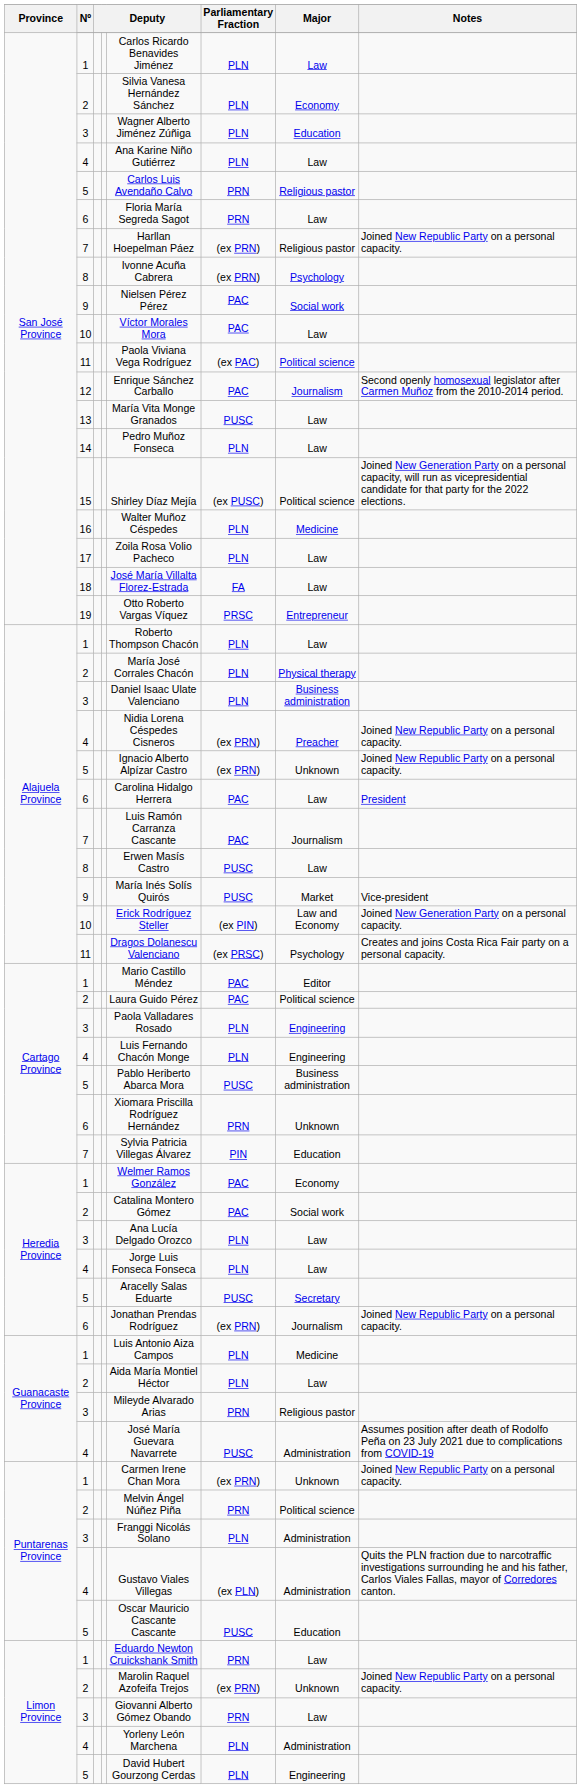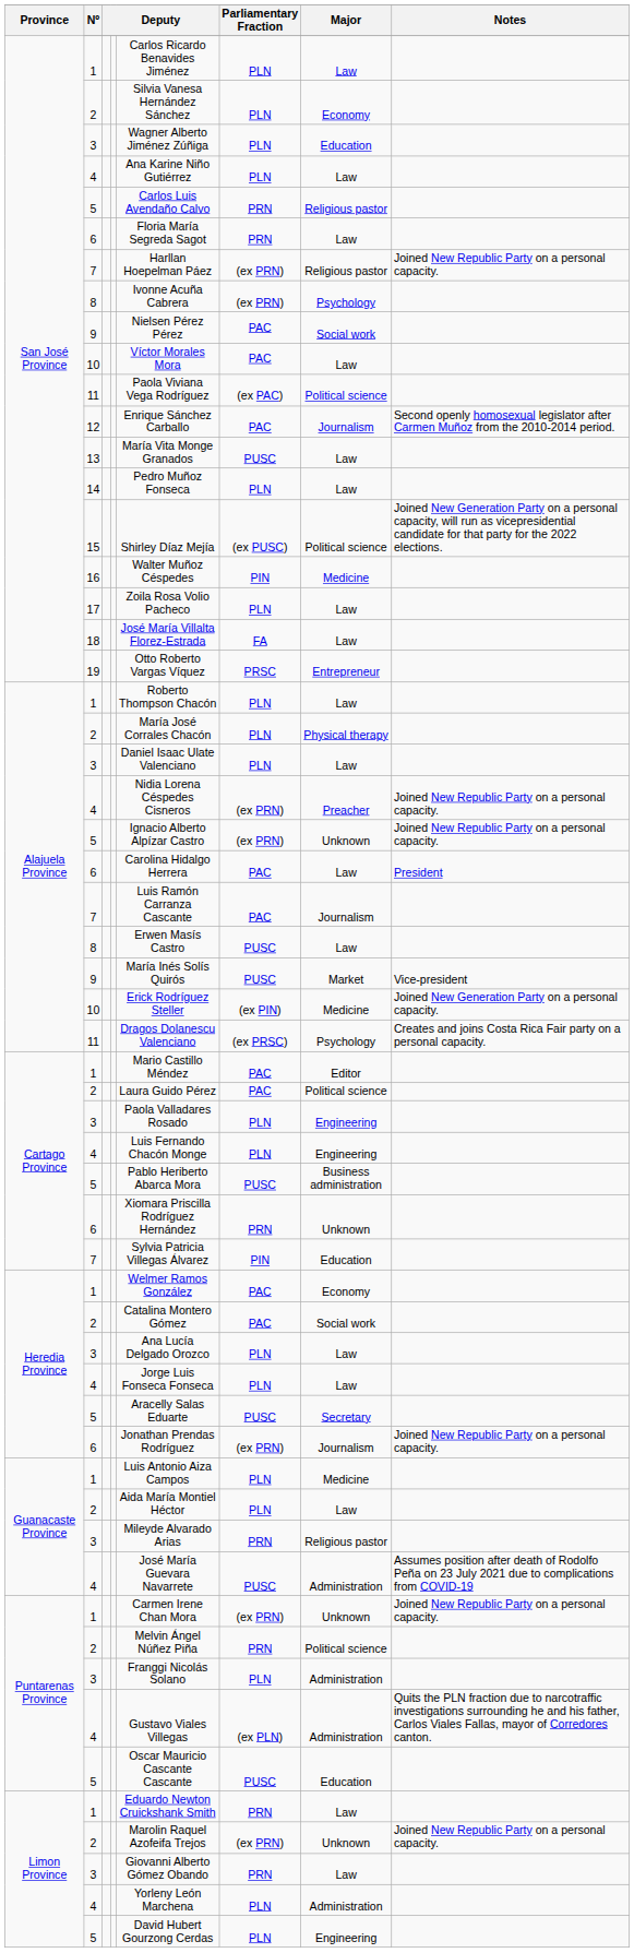 <table class="wikitable">
 <tr align="center" valign="bottom">
 </tr>
 <tr>
 <th height="16">Province</th>
 <th>Nº</th>
 <th colspan=3>Deputy</th>
 <th>Parliamentary<br>Fraction</th>
 <th>Major</th>
 <th>Notes</th>
 </tr>
 <tr>
 <td rowspan="20"  height="15" align="center"><a href='#'>San José Province</a><br> </td>
 </tr>
 <tr>
 <td align="center"  valign="bottom">1</td>
 <td style="background-color:"> </td>
 <td align="center"  valign="bottom"></td>
 <td align="center"  valign="bottom">Carlos Ricardo Benavides Jiménez</td>
 <td align="center"  valign="bottom"> <a href='#'>PLN</a></td>
 <td align="center"  valign="bottom"><a href='#'>Law</a></td>
 <td valign="bottom"></td>
 </tr>
 <tr>
 <td align="center"  valign="bottom">2</td>
 <td style="background-color:"> </td>
 <td align="center"  valign="bottom"></td>
 <td align="center"  valign="bottom">Silvia Vanesa Hernández Sánchez</td>
 <td align="center"  valign="bottom"> <a href='#'>PLN</a></td>
 <td align="center"  valign="bottom"><a href='#'>Economy</a></td>
 <td valign="bottom"></td>
 </tr>
 <tr>
 <td align="center"  valign="bottom">3</td>
 <td style="background-color:"> </td>
 <td align="center"  valign="bottom"></td>
 <td align="center"  valign="bottom">Wagner Alberto Jiménez Zúñiga</td>
 <td align="center"  valign="bottom"> <a href='#'>PLN</a></td>
 <td align="center"  valign="bottom"><a href='#'>Education</a></td>
 <td valign="bottom"></td>
 </tr>
 <tr>
 <td align="center"  valign="bottom">4</td>
 <td style="background-color:"> </td>
 <td align="center"  valign="bottom"></td>
 <td align="center"  valign="bottom">Ana Karine Niño Gutiérrez</td>
 <td align="center"  valign="bottom"> <a href='#'>PLN</a></td>
 <td align="center"  valign="bottom">Law</td>
 <td valign="bottom"></td>
 </tr>
 <tr>
 <td align="center"  valign="bottom">5</td>
 <td style="background-color:"> </td>
 <td align="center"  valign="bottom"></td>
 <td align="center"  valign="bottom"><a href='#'>Carlos Luis Avendaño Calvo</a></td>
 <td align="center"  valign="bottom"> <a href='#'>PRN</a></td>
 <td align="center"  valign="bottom"><a href='#'>Religious pastor</a></td>
 <td valign="bottom"></td>
 </tr>
 <tr>
 <td align="center"  valign="bottom">6</td>
 <td style="background-color:"> </td>
 <td align="center"  valign="bottom"></td>
 <td align="center"  valign="bottom">Floria María Segreda Sagot</td>
 <td align="center"  valign="bottom"> <a href='#'>PRN</a></td>
 <td align="center"  valign="bottom">Law</td>
 <td valign="bottom"></td>
 </tr>
 <tr>
 <td align="center"  valign="bottom">7</td>
 <td style="background-color:"> </td>
 <td align="center"  valign="bottom"></td>
 <td align="center"  valign="bottom">Harllan Hoepelman Páez</td>
 <td align="center"  valign="bottom"> <br>(ex <a href='#'>PRN</a>)</td>
 <td align="center"   valign="bottom">Religious pastor</td>
 <td valign="bottom">Joined <a href='#'>New Republic Party</a> on a personal capacity.</td>
 </tr>
 <tr>
 <td align="center"  valign="bottom">8</td>
 <td style="background-color:"> </td>
 <td align="center"  valign="bottom"></td>
 <td align="center"  valign="bottom">Ivonne Acuña Cabrera</td>
 <td align="center"  valign="bottom"> <br>(ex <a href='#'>PRN</a>)</td>
 <td align="center"  valign="bottom"><a href='#'>Psychology</a></td>
 <td valign="bottom"></td>
 </tr>
 <tr>
 <td align="center"  valign="bottom">9</td>
 <td style="background-color:"> </td>
 <td align="center"  valign="bottom"></td>
 <td align="center"  valign="bottom">Nielsen Pérez Pérez</td>
 <td align="center"  valign="center"> <a href='#'>PAC</a></td>
 <td align="center"  valign="bottom"><a href='#'>Social work</a></td>
 <td valign="bottom"></td>
 </tr>
 <tr>
 <td align="center"  valign="bottom">10</td>
 <td style="background-color:"> </td>
 <td align="center"  valign="bottom"></td>
 <td align="center"  valign="bottom"><a href='#'>Víctor Morales Mora</a></td>
 <td align="center"  valign="center"> <a href='#'>PAC</a></td>
 <td align="center"  valign="bottom">Law</td>
 <td valign="bottom"></td>
 </tr>
 <tr>
 <td align="center"  valign="bottom">11</td>
 <td style="background-color:"> </td>
 <td align="center"  valign="bottom"></td>
 <td align="center"  valign="bottom">Paola  Viviana Vega Rodríguez</td>
 <td align="center"  valign="bottom"> <br>(ex <a href='#'>PAC</a>)</td>
 <td align="center"  valign="bottom"><a href='#'>Political science</a></td>
 <td valign="bottom"> </td>
 </tr>
 <tr>
 <td align="center"  valign="bottom">12</td>
 <td style="background-color:"> </td>
 <td align="center"  valign="bottom"></td>
 <td align="center"  valign="bottom">Enrique Sánchez Carballo</td>
 <td align="center"  valign="bottom"> <a href='#'>PAC</a></td>
 <td align="center"  valign="bottom"><a href='#'>Journalism</a></td>
 <td valign="bottom">Second openly <a href='#'>homosexual</a> legislator after <a href='#'>Carmen Muñoz</a> from the 2010-2014 period.</td>
 </tr>
 <tr>
 <td align="center"  valign="bottom">13</td>
 <td style="background-color:"> </td>
 <td align="center"  valign="bottom"></td>
 <td align="center"  valign="bottom">María Vita Monge Granados</td>
 <td align="center"  valign="bottom"> <a href='#'>PUSC</a></td>
 <td align="center"   valign="bottom">Law</td>
 <td valign="bottom"></td>
 </tr>
 <tr>
 <td align="center"  valign="bottom">14</td>
 <td style="background-color:"> </td>
 <td align="center"  valign="bottom"></td>
 <td align="center"  valign="bottom">Pedro Muñoz Fonseca</td>
 <td align="center"  valign="bottom"> <a href='#'>PLN</a></td>
 <td align="center"   valign="bottom">Law</td>
 <td valign="bottom"></td>
 </tr>
 <tr>
 <td align="center"  valign="bottom">15</td>
 <td style="background-color:"> </td>
 <td align="center"  valign="bottom"></td>
 <td align="center"  valign="bottom">Shirley Díaz Mejía</td>
 <td align="center"  valign="bottom"> <br>(ex <a href='#'>PUSC</a>)</td>
 <td align="center"   valign="bottom">Political science</td>
 <td valign="bottom">Joined <a href='#'>New Generation Party</a> on a personal capacity, will run as vicepresidential candidate for that party for the 2022 elections.</td>
 </tr>
 <tr>
 <td align="center"  valign="bottom">16</td>
 <td style="background-color:"> </td>
 <td align="center"  valign="bottom"></td>
 <td align="center"  valign="bottom">Walter Muñoz Céspedes</td>
-<td align="center"  valign="bottom"> <a href='#'>PLN</a></td>
+<td align="center"  valign="bottom"> <a href='#'>PIN</a></td>
 <td align="center"  valign="bottom"><a href='#'>Medicine</a></td>
 <td valign="bottom"></td>
 </tr>
 <tr>
 <td align="center"  valign="bottom">17</td>
 <td style="background-color:"> </td>
 <td align="center"  valign="bottom"></td>
 <td align="center"  valign="bottom">Zoila Rosa Volio Pacheco</td>
 <td align="center"  valign="bottom"> <a href='#'>PLN</a></td>
 <td align="center"   valign="bottom">Law</td>
 <td valign="bottom"></td>
 </tr>
 <tr>
 <td align="center"  valign="bottom">18</td>
 <td style="background-color:"> </td>
 <td align="center"  valign="bottom"></td>
 <td align="center"  valign="bottom"><a href='#'>José María Villalta Florez-Estrada</a></td>
 <td align="center"  valign="bottom"> <a href='#'>FA</a></td>
 <td align="center"  valign="bottom">Law</td>
 <td valign="bottom"></td>
 </tr>
 <tr>
 <td align="center"  valign="bottom">19</td>
 <td style="background-color:"> </td>
 <td align="center"  valign="bottom"></td>
 <td align="center"  valign="bottom">Otto Roberto Vargas Víquez</td>
 <td align="center"  valign="bottom"> <a href='#'>PRSC</a></td>
 <td align="center"   valign="bottom"><a href='#'>Entrepreneur</a></td>
 <td valign="bottom"></td>
 </tr>
 <tr>
 <td rowspan="11"  height="15" align="center"><a href='#'>Alajuela Province</a><br></td>
 <td align="center"  valign="bottom">1</td>
 <td style="background-color:"> </td>
 <td align="center"  valign="bottom"></td>
 <td align="center"  valign="bottom">Roberto Thompson Chacón</td>
 <td align="center"  valign="bottom"> <a href='#'>PLN</a></td>
 <td align="center"  valign="bottom">Law</td>
 <td valign="bottom"></td>
 </tr>
 <tr>
 <td align="center"  valign="bottom">2</td>
 <td style="background-color:"> </td>
 <td align="center"  valign="bottom"></td>
 <td align="center"  valign="bottom">María José Corrales Chacón</td>
 <td align="center"  valign="bottom"> <a href='#'>PLN</a></td>
 <td align="center"   valign="bottom"><a href='#'>Physical therapy</a></td>
 <td valign="bottom"></td>
 </tr>
 <tr>
 <td align="center"  valign="bottom">3</td>
 <td style="background-color:"> </td>
 <td align="center"  valign="bottom"></td>
 <td align="center"  valign="bottom">Daniel Isaac Ulate Valenciano</td>
 <td align="center"  valign="bottom"> <a href='#'>PLN</a></td>
-<td align="center"  valign="bottom"><a href='#'>Business administration</a></td>
+<td align="center"   valign="bottom">Law</td>
 <td valign="bottom"> </td>
 </tr>
 <tr>
 <td align="center"  valign="bottom">4</td>
 <td style="background-color:"> </td>
 <td align="center"  valign="bottom"></td>
 <td align="center"  valign="bottom">Nidia Lorena Céspedes Cisneros</td>
 <td align="center"  valign="bottom"> <br>(ex <a href='#'>PRN</a>)</td>
 <td align="center"   valign="bottom"><a href='#'>Preacher</a></td>
 <td valign="bottom">Joined <a href='#'>New Republic Party</a> on a personal capacity.</td>
 </tr>
 <tr>
 <td align="center"  valign="bottom">5</td>
 <td style="background-color:"> </td>
 <td align="center"  valign="bottom"></td>
 <td align="center"  valign="bottom">Ignacio Alberto Alpízar Castro</td>
 <td align="center"  valign="bottom"> <br>(ex <a href='#'>PRN</a>)</td>
 <td align="center"  valign="bottom">Unknown</td>
 <td valign="bottom">Joined <a href='#'>New Republic Party</a> on a personal capacity.</td>
 </tr>
 <tr>
 <td align="center"  valign="bottom">6</td>
 <td style="background-color:"> </td>
 <td align="center"  valign="bottom"></td>
 <td align="center"  valign="bottom">Carolina Hidalgo Herrera</td>
 <td align="center"  valign="bottom"> <a href='#'>PAC</a></td>
 <td align="center"  valign="bottom">Law</td>
 <td valign="bottom"><a href='#'>President</a></td>
 </tr>
 <tr>
 <td align="center"  valign="bottom">7</td>
 <td style="background-color:"> </td>
 <td align="center"  valign="bottom"></td>
 <td align="center"  valign="bottom">Luis Ramón Carranza Cascante</td>
 <td align="center"  valign="bottom"> <a href='#'>PAC</a></td>
 <td align="center"  valign="bottom">Journalism</td>
 <td valign="bottom"></td>
 </tr>
 <tr>
 <td align="center"  valign="bottom">8</td>
 <td style="background-color:"> </td>
 <td align="center"  valign="bottom"></td>
 <td align="center"  valign="bottom">Erwen Masís Castro</td>
 <td align="center"  valign="bottom"> <a href='#'>PUSC</a></td>
 <td align="center"  valign="bottom">Law</td>
 <td valign="bottom"> </td>
 </tr>
 <tr>
 <td align="center"  valign="bottom">9</td>
 <td style="background-color:"> </td>
 <td align="center"  valign="bottom"></td>
 <td align="center"  valign="bottom">María Inés Solís Quirós</td>
 <td align="center"  valign="bottom"> <a href='#'>PUSC</a></td>
 <td align="center"    valign="bottom">Market</td>
 <td valign="bottom">Vice-president</td>
 </tr>
 <tr>
 <td align="center"  valign="bottom">10</td>
 <td style="background-color:"> </td>
 <td align="center"  valign="bottom"></td>
 <td align="center"  valign="bottom"><a href='#'>Erick Rodríguez Steller</a></td>
 <td align="center"  valign="bottom"> <br>(ex <a href='#'>PIN</a>)</td>
-<td align="center"   valign="bottom">Law and Economy</td>
+<td align="center"  valign="bottom">Medicine</td>
 <td valign="bottom">Joined <a href='#'>New Generation Party</a> on a personal capacity.</td>
 </tr>
 <tr>
 <td align="center"  valign="bottom">11</td>
 <td style="background-color:"> </td>
 <td align="center"  valign="bottom"></td>
 <td align="center"  valign="bottom"><a href='#'>Dragos Dolanescu Valenciano</a></td>
 <td align="center"  valign="bottom"> <br>(ex <a href='#'>PRSC</a>)</td>
 <td align="center"   valign="bottom">Psychology</td>
 <td valign="bottom">Creates and joins Costa Rica Fair party on a personal capacity.</td>
 </tr>
 <tr>
 <td rowspan="7"  height="15" align="center"><a href='#'>Cartago Province</a><br> </td>
 <td align="center"  valign="bottom">1</td>
 <td style="background-color:"> </td>
 <td align="center"  valign="bottom"></td>
 <td align="center"  valign="bottom">Mario Castillo Méndez</td>
 <td align="center"  valign="bottom"> <a href='#'>PAC</a></td>
 <td align="center"   valign="bottom">Editor</td>
 <td valign="bottom"></td>
 </tr>
 <tr>
 <td align="center"  valign="bottom">2</td>
 <td style="background-color:"> </td>
 <td align="center"  valign="bottom"></td>
 <td align="center"  valign="bottom">Laura Guido Pérez</td>
 <td align="center"  valign="bottom"> <a href='#'>PAC</a></td>
 <td align="center" valign="bottom">Political science</td>
 <td valign="bottom"></td>
 </tr>
 <tr>
 <td align="center"  valign="bottom">3</td>
 <td style="background-color:"> </td>
 <td align="center"  valign="bottom"></td>
 <td align="center"  valign="bottom">Paola Valladares Rosado</td>
 <td align="center"  valign="bottom"> <a href='#'>PLN</a></td>
 <td align="center"  valign="bottom"><a href='#'>Engineering</a></td>
 <td valign="bottom"></td>
 </tr>
 <tr>
 <td align="center"  valign="bottom">4</td>
 <td style="background-color:"> </td>
 <td align="center"  valign="bottom"></td>
 <td align="center"  valign="bottom">Luis Fernando Chacón Monge</td>
 <td align="center"  valign="bottom"> <a href='#'>PLN</a></td>
 <td align="center"   valign="bottom">Engineering</td>
 <td valign="bottom"></td>
 </tr>
 <tr>
 <td align="center"  valign="bottom">5</td>
 <td style="background-color:"> </td>
 <td align="center"  valign="bottom"></td>
 <td align="center"  valign="bottom">Pablo Heriberto Abarca Mora</td>
 <td align="center"  valign="bottom"> <a href='#'>PUSC</a></td>
 <td align="center"  valign="bottom">Business administration</td>
 <td valign="bottom"></td>
 </tr>
 <tr>
 <td align="center"  valign="bottom">6</td>
 <td style="background-color:"> </td>
 <td align="center"  valign="bottom"></td>
 <td align="center"  valign="bottom">Xiomara Priscilla Rodríguez Hernández</td>
 <td align="center"  valign="bottom"> <a href='#'>PRN</a></td>
 <td align="center"  valign="bottom">Unknown</td>
 <td valign="bottom"></td>
 </tr>
 <tr>
 <td align="center"  valign="bottom">7</td>
 <td style="background-color:"> </td>
 <td align="center"  valign="bottom"></td>
 <td align="center"  valign="bottom">Sylvia Patricia Villegas Álvarez</td>
 <td align="center"  valign="bottom"> <a href='#'>PIN</a></td>
 <td align="center"  valign="bottom">Education</td>
 <td valign="bottom"></td>
 </tr>
 <tr>
 <td rowspan="6"  height="15" align="center"><a href='#'>Heredia Province</a><br></td>
 <td align="center"  valign="bottom">1</td>
 <td style="background-color:"> </td>
 <td align="center"  valign="bottom"></td>
 <td align="center"  valign="bottom"><a href='#'>Welmer Ramos González</a></td>
 <td align="center"  valign="bottom"> <a href='#'>PAC</a></td>
 <td align="center" valign="bottom">Economy</td>
 <td valign="bottom"></td>
 </tr>
 <tr>
 <td align="center"  valign="bottom">2</td>
 <td style="background-color:"> </td>
 <td align="center"  valign="bottom"></td>
 <td align="center"  valign="bottom">Catalina Montero Gómez</td>
 <td align="center"  valign="bottom"> <a href='#'>PAC</a></td>
 <td align="center"  valign="bottom">Social work</td>
 <td valign="bottom"></td>
 </tr>
 <tr>
 <td align="center"  valign="bottom">3</td>
 <td style="background-color:"> </td>
 <td align="center"  valign="bottom"></td>
 <td align="center"  valign="bottom">Ana Lucía Delgado Orozco</td>
 <td align="center"  valign="bottom"> <a href='#'>PLN</a></td>
 <td align="center"  valign="bottom">Law</td>
 <td valign="bottom"></td>
 </tr>
 <tr>
 <td align="center"  valign="bottom">4</td>
 <td style="background-color:"> </td>
 <td align="center"  valign="bottom"></td>
 <td align="center"  valign="bottom">Jorge Luis Fonseca Fonseca</td>
 <td align="center"  valign="bottom"> <a href='#'>PLN</a></td>
 <td align="center"  valign="bottom">Law</td>
 <td valign="bottom"></td>
 </tr>
 <tr>
 <td align="center"  valign="bottom">5</td>
 <td style="background-color:"> </td>
 <td align="center"  valign="bottom"></td>
 <td align="center"  valign="bottom">Aracelly Salas Eduarte</td>
 <td align="center"  valign="bottom"> <a href='#'>PUSC</a></td>
 <td align="center"  valign="bottom"><a href='#'>Secretary</a></td>
 <td valign="bottom"></td>
 </tr>
 <tr>
 <td align="center"  valign="bottom">6</td>
 <td style="background-color:"> </td>
 <td align="center"  valign="bottom"></td>
 <td align="center"  valign="bottom">Jonathan Prendas Rodríguez</td>
 <td align="center"  valign="bottom"> <br>(ex <a href='#'>PRN</a>)</td>
 <td align="center"  valign="bottom">Journalism</td>
 <td valign="bottom">Joined <a href='#'>New Republic Party</a> on a personal capacity.</td>
 </tr>
 <tr>
 <td rowspan="4"  height="15" align="center"><a href='#'>Guanacaste Province</a><br></td>
 <td align="center"  valign="bottom">1</td>
 <td style="background-color:"> </td>
 <td align="center"  valign="bottom"></td>
 <td align="center"  valign="bottom">Luis Antonio Aiza Campos</td>
 <td align="center"  valign="bottom"> <a href='#'>PLN</a></td>
 <td align="center"  valign="bottom">Medicine</td>
 <td valign="bottom"></td>
 </tr>
 <tr>
 <td align="center"  valign="bottom">2</td>
 <td style="background-color:"> </td>
 <td align="center"  valign="bottom"></td>
 <td align="center"  valign="bottom">Aida María Montiel Héctor</td>
 <td align="center"  valign="bottom"> <a href='#'>PLN</a></td>
 <td align="center"  valign="bottom">Law</td>
 <td valign="bottom"></td>
 </tr>
 <tr>
 <td align="center"  valign="bottom">3</td>
 <td style="background-color:"> </td>
 <td align="center"  valign="bottom"></td>
 <td align="center"  valign="bottom">Mileyde Alvarado Arias</td>
 <td align="center"  valign="bottom"> <a href='#'>PRN</a></td>
 <td align="center"  valign="bottom">Religious pastor</td>
 <td valign="bottom"></td>
 </tr>
 <tr>
 <td align="center"  valign="bottom">4</td>
 <td style="background-color:"> </td>
 <td align="center"  valign="bottom"></td>
 <td align="center"  valign="bottom">José María Guevara Navarrete</td>
 <td align="center"  valign="bottom"> <a href='#'>PUSC</a></td>
 <td align="center"  valign="bottom">Administration</td>
 <td valign="bottom">Assumes position after death of Rodolfo Peña on 23 July 2021 due to complications from <a href='#'>COVID-19</a></td>
 </tr>
 <tr>
 <td rowspan="5"  height="15" align="center"><a href='#'>Puntarenas Province</a><br></td>
 <td align="center"  valign="bottom">1</td>
 <td style="background-color:"> </td>
 <td align="center"  valign="bottom"></td>
 <td align="center"  valign="bottom">Carmen Irene Chan Mora</td>
 <td align="center"  valign="bottom"> <br>(ex <a href='#'>PRN</a>)</td>
 <td align="center"  valign="bottom">Unknown</td>
 <td valign="bottom">Joined <a href='#'>New Republic Party</a> on a personal capacity.</td>
 </tr>
 <tr>
 <td align="center"  valign="bottom">2</td>
 <td style="background-color:"> </td>
 <td align="center"  valign="bottom"></td>
 <td align="center"  valign="bottom">Melvin Ángel Núñez Piña</td>
 <td align="center"  valign="bottom"> <a href='#'>PRN</a></td>
 <td align="center" valign="bottom">Political science</td>
 <td valign="bottom"></td>
 </tr>
 <tr>
 <td align="center"  valign="bottom">3</td>
 <td style="background-color:"> </td>
 <td align="center"  valign="bottom"></td>
 <td align="center"  valign="bottom">Franggi Nicolás Solano</td>
 <td align="center"  valign="bottom"> <a href='#'>PLN</a></td>
 <td align="center"  valign="bottom">Administration</td>
 <td valign="bottom"></td>
 </tr>
 <tr>
 <td align="center"  valign="bottom">4</td>
 <td style="background-color:"> </td>
 <td align="center"  valign="bottom"></td>
 <td align="center"  valign="bottom">Gustavo Viales Villegas</td>
 <td align="center"  valign="bottom"> <br>(ex <a href='#'>PLN</a>)</td>
 <td align="center"  valign="bottom">Administration</td>
 <td valign="bottom">Quits the PLN fraction due to narcotraffic investigations surrounding he and his father, Carlos Viales Fallas, mayor of <a href='#'>Corredores</a> canton.</td>
 </tr>
 <tr>
 <td align="center"  valign="bottom">5</td>
 <td style="background-color:"> </td>
 <td align="center"  valign="bottom"></td>
 <td align="center"  valign="bottom">Oscar Mauricio Cascante Cascante</td>
 <td align="center"  valign="bottom"> <a href='#'>PUSC</a></td>
 <td align="center"  valign="bottom">Education</td>
 <td valign="bottom"></td>
 </tr>
 <tr>
 <td rowspan="5"  height="15" align="center"><a href='#'>Limon Province</a><br></td>
 <td align="center"  valign="bottom">1</td>
 <td style="background-color:"> </td>
 <td align="center"  valign="bottom"></td>
 <td align="center"  valign="bottom"><a href='#'>Eduardo Newton Cruickshank Smith</a></td>
 <td align="center"  valign="bottom"> <a href='#'>PRN</a></td>
 <td align="center"  valign="bottom">Law</td>
 <td valign="bottom"></td>
 </tr>
 <tr>
 <td align="center"  valign="bottom">2</td>
 <td style="background-color:"> </td>
 <td align="center"  valign="bottom"></td>
 <td align="center"  valign="bottom">Marolin Raquel Azofeifa Trejos</td>
 <td align="center"  valign="bottom"> <br>(ex <a href='#'>PRN</a>)</td>
 <td align="center"  valign="bottom">Unknown</td>
 <td valign="bottom">Joined <a href='#'>New Republic Party</a> on a personal capacity.</td>
 </tr>
 <tr>
 <td align="center"  valign="bottom">3</td>
 <td style="background-color:"> </td>
 <td align="center"  valign="bottom"></td>
 <td align="center"  valign="bottom">Giovanni Alberto Gómez Obando</td>
 <td align="center"  valign="bottom"> <a href='#'>PRN</a></td>
 <td align="center"  valign="bottom">Law</td>
 <td valign="bottom"></td>
 </tr>
 <tr>
 <td align="center"  valign="bottom">4</td>
 <td style="background-color:"> </td>
 <td align="center"  valign="bottom"></td>
 <td align="center"  valign="bottom">Yorleny León Marchena</td>
 <td align="center"  valign="bottom"> <a href='#'>PLN</a></td>
 <td align="center"  valign="bottom">Administration</td>
 <td valign="bottom"></td>
 </tr>
 <tr>
 <td align="center"  valign="bottom">5</td>
 <td style="background-color:"> </td>
 <td align="center"  valign="bottom"></td>
 <td align="center"  valign="bottom">David Hubert Gourzong Cerdas</td>
 <td align="center"  valign="bottom"> <a href='#'>PLN</a></td>
 <td align="center"  valign="bottom">Engineering</td>
 <td valign="bottom"></td>
 </tr>
 </table>
